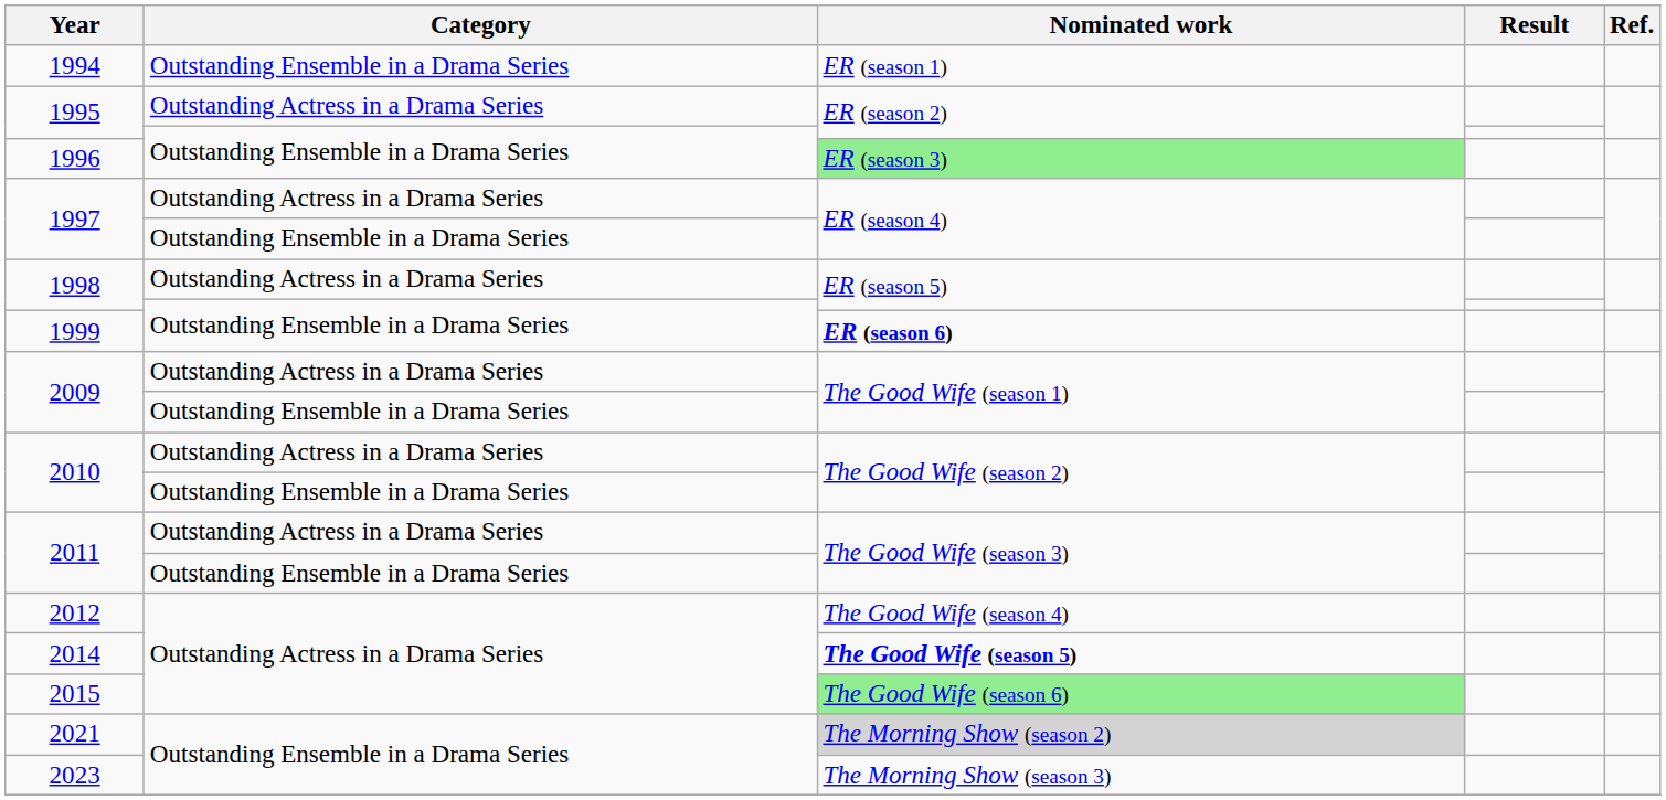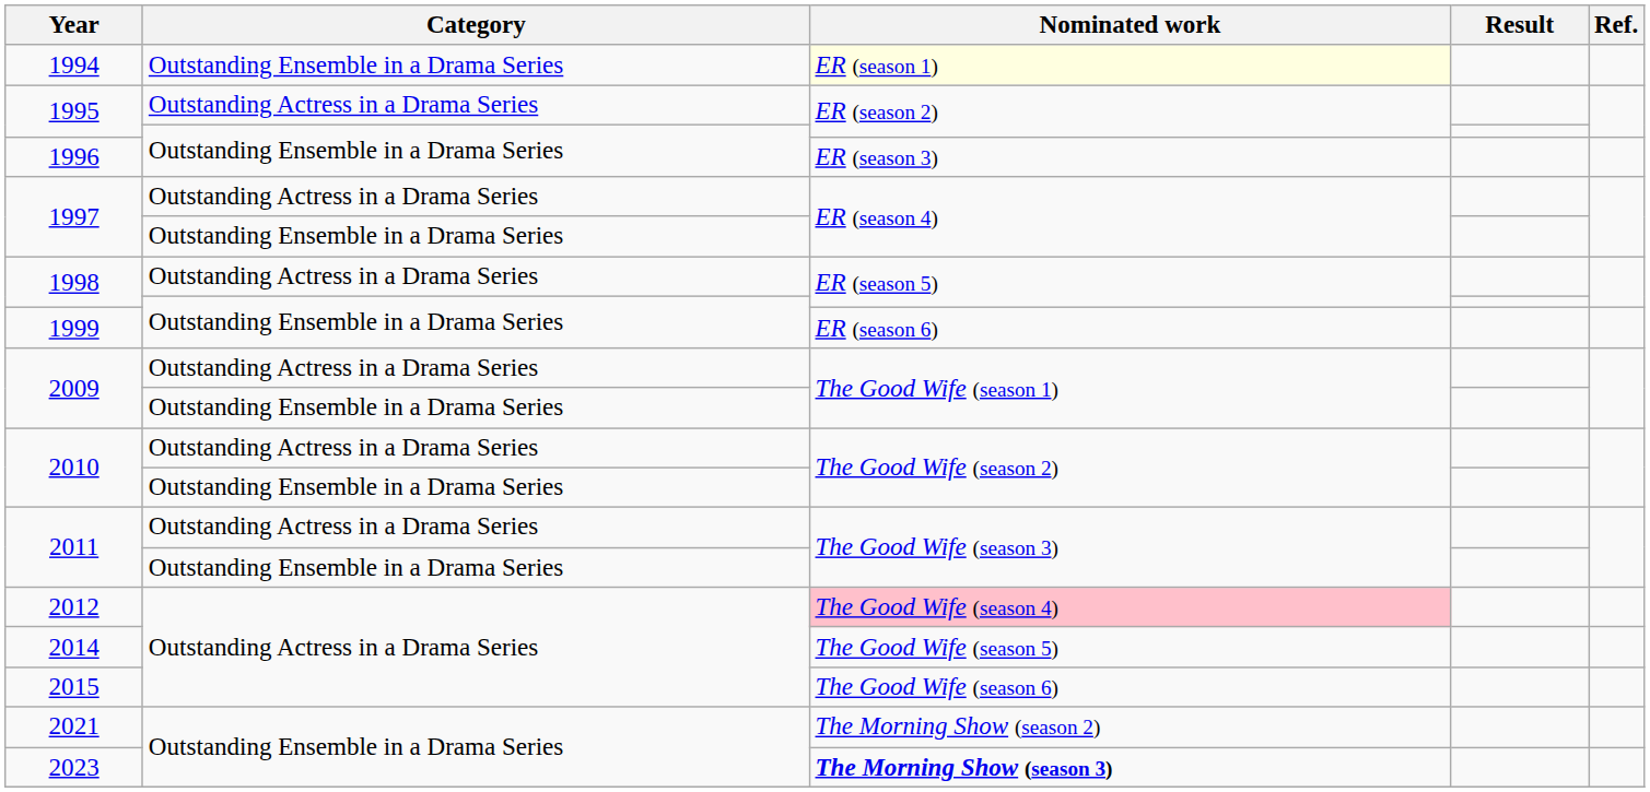 <table class=wikitable>
 <tr>
 <th scope="col" style="width:5em;">Year</th>
 <th scope="col" style="width:26em;">Category</th>
 <th scope="col" style="width:25em;">Nominated work</th>
 <th scope="col" style="width:5em;">Result</th>
 <th>Ref.</th>
 </tr>
 <tr>
 <td style="text-align:center;"><a href='#'>1994</a></td>
 <td><a href='#'>Outstanding Ensemble in a Drama Series</a></td>
-<td><em><a href='#'>ER</a></em> <small> (<a href='#'>season 1</a>) </small></td>
+<td style="background: lightyellow;"><em><a href='#'>ER</a></em> <small> (<a href='#'>season 1</a>) </small></td>
 <td></td>
 <td></td>
 </tr>
 <tr>
 <td style="text-align:center;", rowspan="2"><a href='#'>1995</a></td>
 <td><a href='#'>Outstanding Actress in a Drama Series</a></td>
 <td rowspan=2><em><a href='#'>ER</a></em> <small> (<a href='#'>season 2</a>) </small></td>
 <td></td>
 <td rowspan=2></td>
 </tr>
 <tr>
 <td rowspan="2">Outstanding Ensemble in a Drama Series</td>
 <td></td>
 </tr>
 <tr>
 <td style="text-align:center;"><a href='#'>1996</a></td>
-<td style="background: lightgreen;"><em><a href='#'>ER</a></em> <small> (<a href='#'>season 3</a>) </small></td>
+<td><em><a href='#'>ER</a></em> <small> (<a href='#'>season 3</a>) </small></td>
 <td></td>
 <td></td>
 </tr>
 <tr>
 <td style="text-align:center;", rowspan="2"><a href='#'>1997</a></td>
 <td>Outstanding Actress in a Drama Series</td>
 <td rowspan=2><em><a href='#'>ER</a></em> <small> (<a href='#'>season 4</a>) </small></td>
 <td></td>
 <td rowspan=2></td>
 </tr>
 <tr>
 <td>Outstanding Ensemble in a Drama Series</td>
 <td></td>
 </tr>
 <tr>
 <td style="text-align:center;", rowspan="2"><a href='#'>1998</a></td>
 <td>Outstanding Actress in a Drama Series</td>
 <td rowspan=2><em><a href='#'>ER</a></em> <small> (<a href='#'>season 5</a>) </small></td>
 <td></td>
 <td rowspan=2></td>
 </tr>
 <tr>
 <td rowspan="2">Outstanding Ensemble in a Drama Series</td>
 <td></td>
 </tr>
 <tr>
 <td style="text-align:center;"><a href='#'>1999</a></td>
-<td><strong><em><a href='#'>ER</a></em> <small> (<a href='#'>season 6</a>) </small></strong></td>
+<td><em><a href='#'>ER</a></em> <small> (<a href='#'>season 6</a>) </small></td>
 <td></td>
 <td></td>
 </tr>
 <tr>
 <td style="text-align:center;", rowspan="2"><a href='#'>2009</a></td>
 <td>Outstanding Actress in a Drama Series</td>
 <td rowspan=2><em><a href='#'>The Good Wife</a></em> <small> (<a href='#'>season 1</a>) </small></td>
 <td></td>
 <td rowspan=2></td>
 </tr>
 <tr>
 <td>Outstanding Ensemble in a Drama Series</td>
 <td></td>
 </tr>
 <tr>
 <td style="text-align:center;", rowspan="2"><a href='#'>2010</a></td>
 <td>Outstanding Actress in a Drama Series</td>
 <td rowspan=2><em><a href='#'>The Good Wife</a></em> <small> (<a href='#'>season 2</a>) </small></td>
 <td></td>
 <td rowspan=2></td>
 </tr>
 <tr>
 <td>Outstanding Ensemble in a Drama Series</td>
 <td></td>
 </tr>
 <tr>
 <td style="text-align:center;", rowspan="2"><a href='#'>2011</a></td>
 <td>Outstanding Actress in a Drama Series</td>
 <td rowspan=2><em><a href='#'>The Good Wife</a></em> <small> (<a href='#'>season 3</a>) </small></td>
 <td></td>
 <td rowspan=2></td>
 </tr>
 <tr>
 <td>Outstanding Ensemble in a Drama Series</td>
 <td></td>
 </tr>
 <tr>
 <td style="text-align:center;"><a href='#'>2012</a></td>
 <td rowspan="3">Outstanding Actress in a Drama Series</td>
-<td><em><a href='#'>The Good Wife</a></em> <small> (<a href='#'>season 4</a>) </small></td>
+<td style="background: pink;"><em><a href='#'>The Good Wife</a></em> <small> (<a href='#'>season 4</a>) </small></td>
 <td></td>
 <td></td>
 </tr>
 <tr>
 <td style="text-align:center;"><a href='#'>2014</a></td>
-<td><strong><em><a href='#'>The Good Wife</a></em> <small> (<a href='#'>season 5</a>) </small></strong></td>
+<td><em><a href='#'>The Good Wife</a></em> <small> (<a href='#'>season 5</a>) </small></td>
 <td></td>
 <td></td>
 </tr>
 <tr>
 <td style="text-align:center;"><a href='#'>2015</a></td>
-<td style="background: lightgreen;"><em><a href='#'>The Good Wife</a></em> <small> (<a href='#'>season 6</a>) </small></td>
+<td><em><a href='#'>The Good Wife</a></em> <small> (<a href='#'>season 6</a>) </small></td>
 <td></td>
 <td></td>
 </tr>
 <tr>
 <td style="text-align:center;"><a href='#'>2021</a></td>
 <td rowspan="2">Outstanding Ensemble in a Drama Series</td>
-<td style="background: lightgrey;"><em><a href='#'>The Morning Show</a></em> <small> (<a href='#'>season 2</a>) </small></td>
+<td><em><a href='#'>The Morning Show</a></em> <small> (<a href='#'>season 2</a>) </small></td>
 <td></td>
 <td></td>
 </tr>
 <tr>
 <td style="text-align:center;"><a href='#'>2023</a></td>
-<td><em><a href='#'>The Morning Show</a></em> <small> (<a href='#'>season 3</a>) </small></td>
+<td><strong><em><a href='#'>The Morning Show</a></em> <small> (<a href='#'>season 3</a>) </small></strong></td>
 <td></td>
 <td></td>
 </tr>
 <tr>
 </tr>
 </table>
